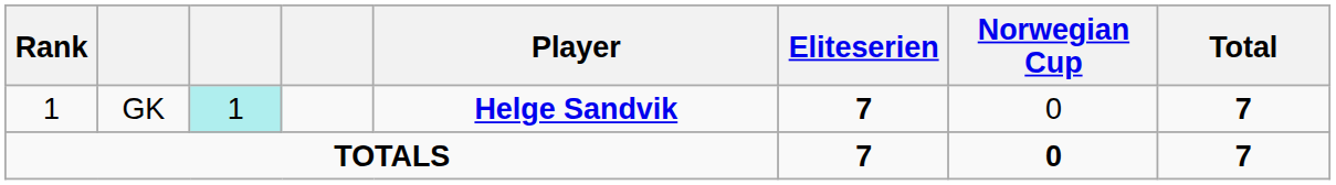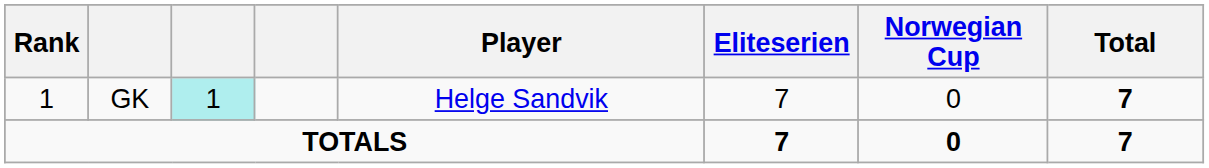 <table class="wikitable" style="font-size: 95%; text-align: center;">
 <tr>
 <th width=40>Rank</th>
 <th width=40></th>
 <th width=40></th>
 <th width=40></th>
 <th width=200>Player</th>
 <th width=80><a href='#'>Eliteserien</a></th>
 <th width=100><a href='#'>Norwegian Cup</a></th>
 <th width=80><strong>Total</strong></th>
 </tr>
 <tr>
 <td>1</td>
 <td>GK</td>
 <td style="background: paleturquoise;">1</td>
 <td></td>
-<td><strong><a href='#'>Helge Sandvik</a></strong></td>
-<td><strong>7</strong></td>
+<td><a href='#'>Helge Sandvik</a></td>
+<td>7</td>
 <td>0</td>
 <td><strong>7</strong></td>
 </tr>
 <tr>
 <td colspan="5"><strong>TOTALS</strong></td>
 <td><strong>7</strong></td>
 <td><strong>0</strong></td>
 <td><strong>7</strong></td>
 </tr>
 </table>
